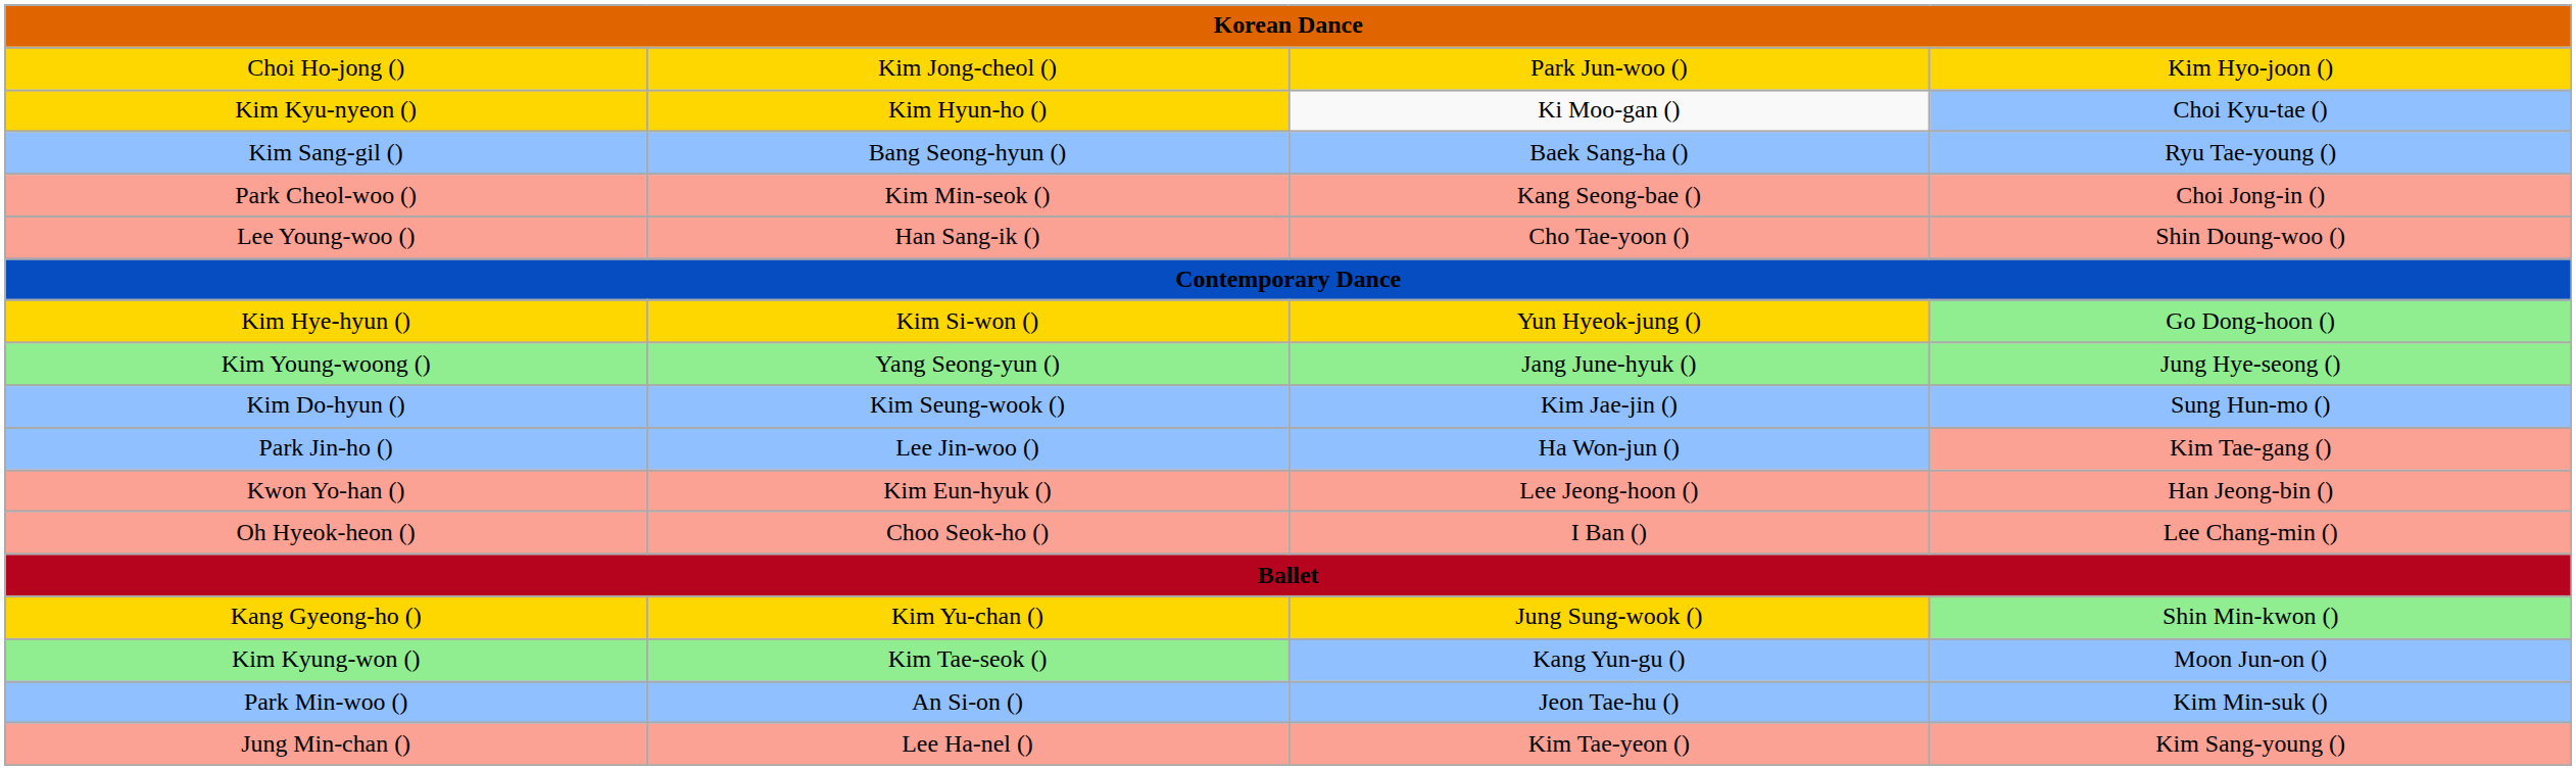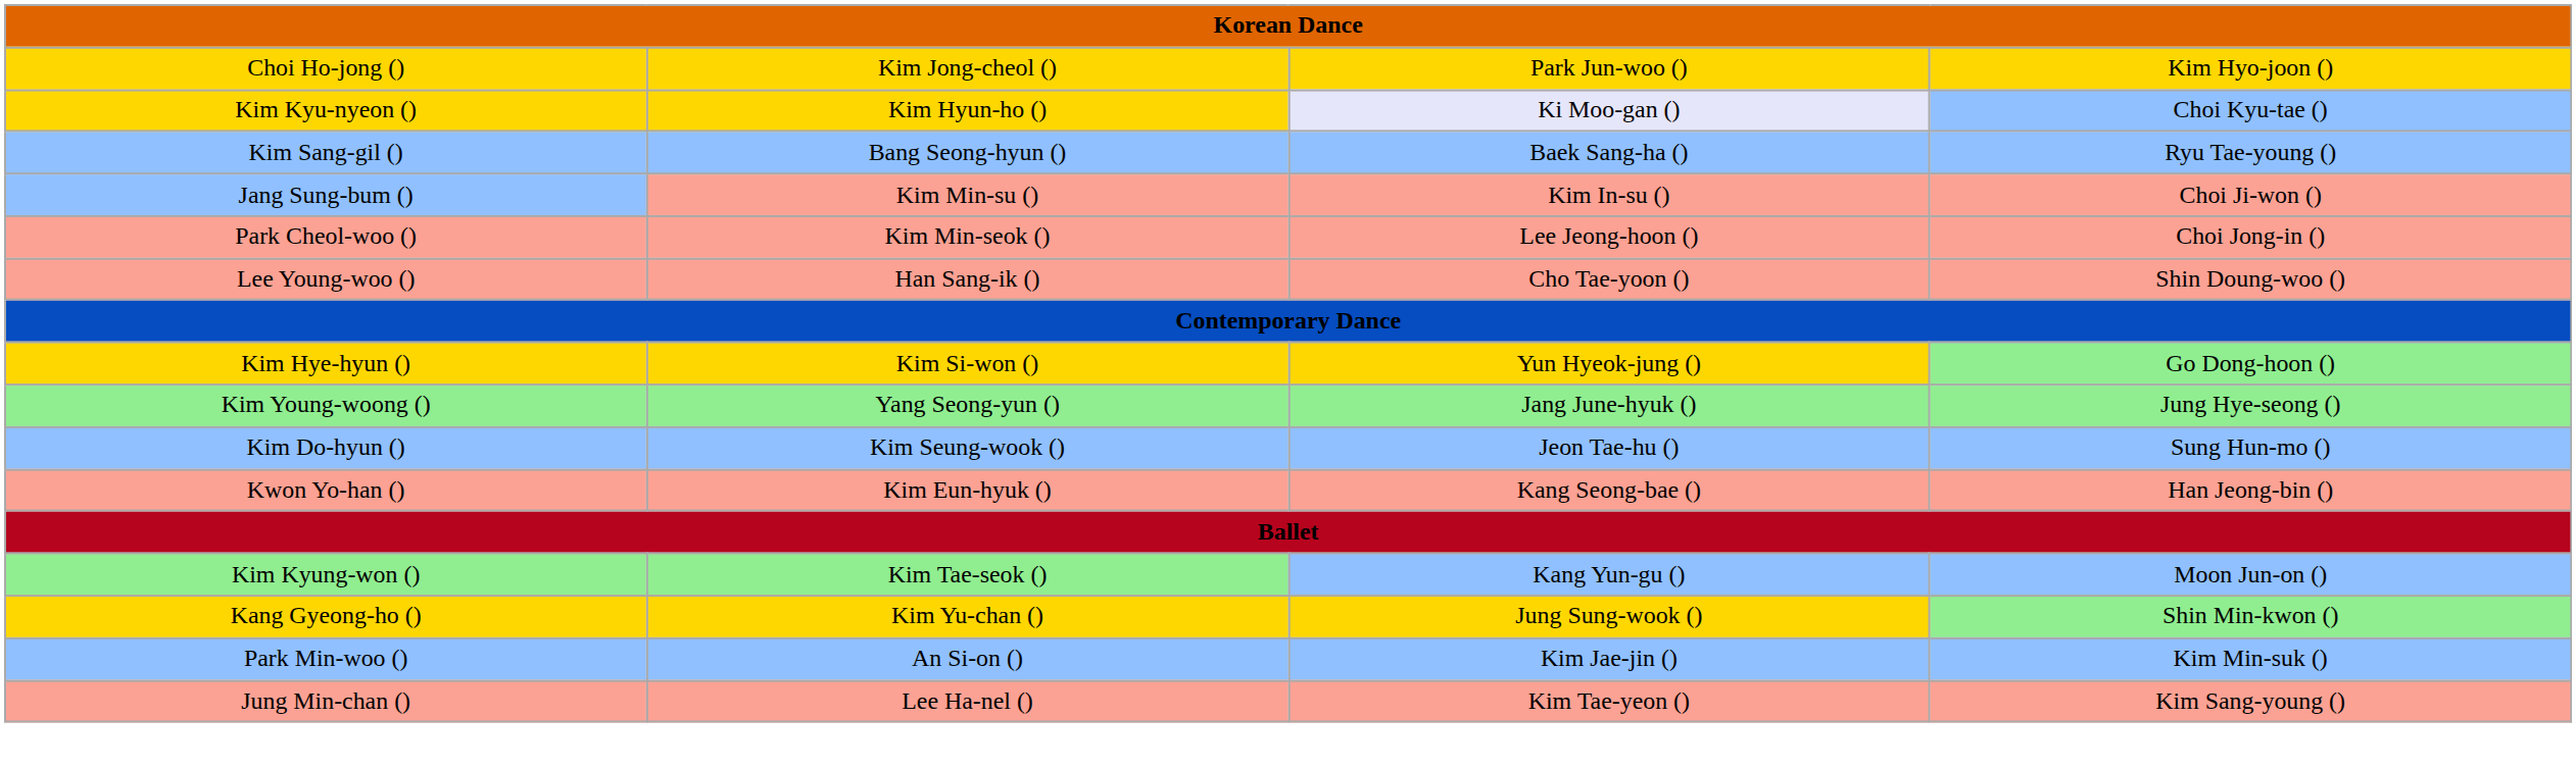 <table class="wikitable" style="font-size:75%; text-align:center; width:100%">
 <tr>
 <th colspan="4" style="background:#E06500">Korean Dance</th>
 </tr>
 <tr>
 <td style="background:gold; width:25%">Choi Ho-jong ()</td>
 <td style="background:gold; width:25%">Kim Jong-cheol ()</td>
 <td style="background:gold; width:25%">Park Jun-woo ()</td>
 <td style="background:gold; width:25%">Kim Hyo-joon ()</td>
 </tr>
 <tr>
 <td style="background:gold">Kim Kyu-nyeon ()</td>
 <td style="background:gold">Kim Hyun-ho ()</td>
-<td>Ki Moo-gan ()</td>
+<td style="background: lavender;">Ki Moo-gan ()</td>
 <td style="background:#90C0FF">Choi Kyu-tae ()</td>
 </tr>
 <tr>
 <td style="background:#90C0FF">Kim Sang-gil ()</td>
 <td style="background:#90C0FF">Bang Seong-hyun ()</td>
 <td style="background:#90C0FF">Baek Sang-ha ()</td>
 <td style="background:#90C0FF">Ryu Tae-young ()</td>
 </tr>
 <tr>
+<td style="background:#90C0FF">Jang Sung-bum ()</td>
+<td style="background:#FCA294">Kim Min-su ()</td>
+<td style="background:#FCA294">Kim In-su ()</td>
+<td style="background:#FCA294">Choi Ji-won ()</td>
+</tr>
+<tr>
 <td style="background:#FCA294">Park Cheol-woo ()</td>
 <td style="background:#FCA294">Kim Min-seok ()</td>
-<td style="background:#FCA294">Kang Seong-bae ()</td>
+<td style="background:#FCA294">Lee Jeong-hoon ()</td>
 <td style="background:#FCA294">Choi Jong-in ()</td>
 </tr>
 <tr>
 <td style="background:#FCA294">Lee Young-woo ()</td>
 <td style="background:#FCA294">Han Sang-ik ()</td>
 <td style="background:#FCA294">Cho Tae-yoon ()</td>
 <td style="background:#FCA294">Shin Doung-woo ()</td>
 </tr>
 <tr>
 <th colspan="4" style="background:#054DC1">Contemporary Dance</th>
 </tr>
 <tr>
 <td style="background:gold">Kim Hye-hyun ()</td>
 <td style="background:gold">Kim Si-won ()</td>
 <td style="background:gold">Yun Hyeok-jung ()</td>
 <td style="background:#90EE90">Go Dong-hoon ()</td>
 </tr>
 <tr>
 <td style="background:#90EE90">Kim Young-woong ()</td>
 <td style="background:#90EE90">Yang Seong-yun ()</td>
 <td style="background:#90EE90">Jang June-hyuk ()</td>
 <td style="background:#90EE90">Jung Hye-seong ()</td>
 </tr>
 <tr>
 <td style="background:#90C0FF">Kim Do-hyun ()</td>
 <td style="background:#90C0FF">Kim Seung-wook ()</td>
-<td style="background:#90C0FF">Kim Jae-jin ()</td>
+<td style="background:#90C0FF">Jeon Tae-hu ()</td>
 <td style="background:#90C0FF">Sung Hun-mo ()</td>
-</tr>
-<tr>
-<td style="background:#90C0FF">Park Jin-ho ()</td>
-<td style="background:#90C0FF">Lee Jin-woo ()</td>
-<td style="background:#90C0FF">Ha Won-jun ()</td>
-<td style="background:#FCA294;">Kim Tae-gang ()</td>
 </tr>
 <tr>
 <td style="background:#FCA294">Kwon Yo-han ()</td>
 <td style="background:#FCA294">Kim Eun-hyuk ()</td>
-<td style="background:#FCA294">Lee Jeong-hoon ()</td>
+<td style="background:#FCA294">Kang Seong-bae ()</td>
 <td style="background:#FCA294">Han Jeong-bin ()</td>
 </tr>
 <tr>
-<td style="background:#FCA294">Oh Hyeok-heon ()</td>
-<td style="background:#FCA294">Choo Seok-ho ()</td>
-<td style="background:#FCA294">I Ban ()</td>
-<td style="background:#FCA294">Lee Chang-min ()</td>
+<th colspan="4" style="background:#B7041E">Ballet</th>
 </tr>
 <tr>
-<th colspan="4" style="background:#B7041E">Ballet</th>
+<td style="background:#90EE90">Kim Kyung-won ()</td>
+<td style="background:#90EE90">Kim Tae-seok ()</td>
+<td style="background:#90C0FF">Kang Yun-gu ()</td>
+<td style="background:#90C0FF">Moon Jun-on ()</td>
 </tr>
 <tr>
 <td style="background:gold">Kang Gyeong-ho ()</td>
 <td style="background:gold">Kim Yu-chan ()</td>
 <td style="background:gold">Jung Sung-wook ()</td>
 <td style="background:#90EE90">Shin Min-kwon ()</td>
 </tr>
 <tr>
-<td style="background:#90EE90">Kim Kyung-won ()</td>
-<td style="background:#90EE90">Kim Tae-seok ()</td>
-<td style="background:#90C0FF">Kang Yun-gu ()</td>
-<td style="background:#90C0FF">Moon Jun-on ()</td>
-</tr>
-<tr>
 <td style="background:#90C0FF">Park Min-woo ()</td>
 <td style="background:#90C0FF">An Si-on ()</td>
-<td style="background:#90C0FF">Jeon Tae-hu ()</td>
+<td style="background:#90C0FF">Kim Jae-jin ()</td>
 <td style="background:#90C0FF">Kim Min-suk ()</td>
 </tr>
 <tr>
 <td style="background:#FCA294">Jung Min-chan ()</td>
 <td style="background:#FCA294">Lee Ha-nel ()</td>
 <td style="background:#FCA294">Kim Tae-yeon ()</td>
 <td style="background:#FCA294">Kim Sang-young ()</td>
 </tr>
 </table>
